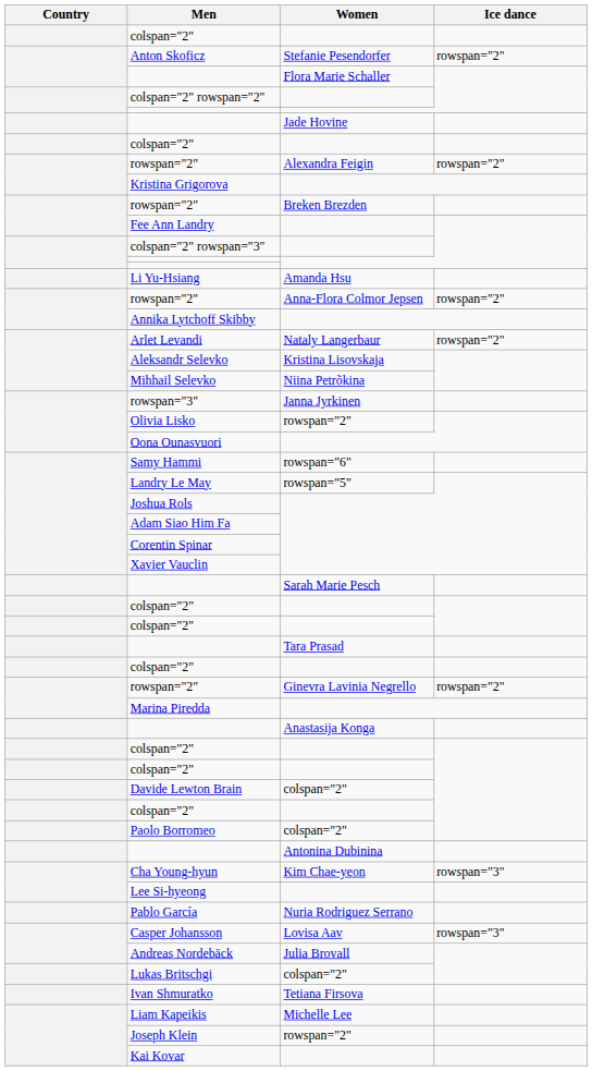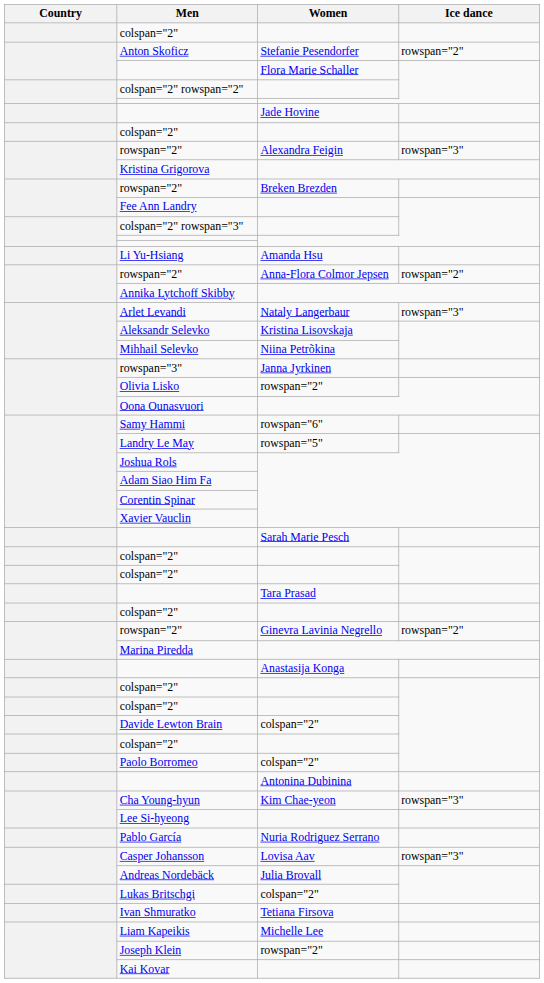 <table class="wikitable unsortable" style="text-align:left">
 <tr>
 <th scope="col" style="width:20%">Country</th>
 <th scope="col" style="width:25%">Men</th>
 <th scope="col" style="width:25%">Women</th>
 <th scope="col" style="width:25%">Ice dance</th>
 </tr>
 <tr>
 <th scope="row" style="text-align:left"></th>
 <td>colspan="2" </td>
 <td></td>
 </tr>
 <tr>
 <th rowspan="2" scope="row" style="text-align:left"></th>
 <td><a href='#'>Anton Skoficz</a></td>
 <td><a href='#'>Stefanie Pesendorfer</a></td>
 <td>rowspan="2" </td>
 </tr>
 <tr>
 <td></td>
 <td><a href='#'>Flora Marie Schaller</a></td>
 </tr>
 <tr>
 <th rowspan="2" scope="row" style="text-align:left"></th>
 <td>colspan="2" rowspan="2" </td>
 <td></td>
 </tr>
 <tr>
 <td></td>
 </tr>
 <tr>
 <th scope="row" style="text-align:left"></th>
 <td></td>
 <td><a href='#'>Jade Hovine</a></td>
 <td></td>
 </tr>
 <tr>
 <th scope="row" style="text-align:left"></th>
 <td>colspan="2" </td>
 <td></td>
 </tr>
 <tr>
 <th rowspan="2" scope="row" style="text-align:left"></th>
 <td>rowspan="2" </td>
 <td><a href='#'>Alexandra Feigin</a></td>
-<td>rowspan="2" </td>
+<td>rowspan="3" </td>
 </tr>
 <tr>
 <td><a href='#'>Kristina Grigorova</a></td>
 </tr>
 <tr>
 <th rowspan="2" scope="row" style="text-align:left"></th>
 <td>rowspan="2" </td>
 <td><a href='#'>Breken Brezden</a></td>
 <td></td>
 </tr>
 <tr>
 <td><a href='#'>Fee Ann Landry</a></td>
 <td></td>
 </tr>
 <tr>
 <th rowspan="3" scope="row" style="text-align:left"></th>
 <td>colspan="2" rowspan="3" </td>
 <td></td>
 </tr>
 <tr>
 <td></td>
 </tr>
 <tr>
 <td></td>
 </tr>
 <tr>
 <th scope="row" style="text-align:left"></th>
 <td><a href='#'>Li Yu-Hsiang</a></td>
 <td><a href='#'>Amanda Hsu</a></td>
 <td></td>
 </tr>
 <tr>
 <th rowspan="2" scope="row" style="text-align:left"></th>
 <td>rowspan="2" </td>
 <td><a href='#'>Anna-Flora Colmor Jepsen</a></td>
 <td>rowspan="2" </td>
 </tr>
 <tr>
 <td><a href='#'>Annika Lytchoff Skibby</a></td>
 </tr>
 <tr>
 <th rowspan="3" scope="row" style="text-align:left"></th>
 <td><a href='#'>Arlet Levandi</a></td>
 <td><a href='#'>Nataly Langerbaur</a></td>
-<td>rowspan="2" </td>
+<td>rowspan="3" </td>
 </tr>
 <tr>
 <td><a href='#'>Aleksandr Selevko</a></td>
 <td><a href='#'>Kristina Lisovskaja</a></td>
 </tr>
 <tr>
 <td><a href='#'>Mihhail Selevko</a></td>
 <td><a href='#'>Niina Petrõkina</a></td>
 </tr>
 <tr>
 <th rowspan="3" scope="row" style="text-align:left"></th>
 <td>rowspan="3"  </td>
 <td><a href='#'>Janna Jyrkinen</a></td>
 <td></td>
 </tr>
 <tr>
 <td><a href='#'>Olivia Lisko</a></td>
 <td>rowspan="2" </td>
 </tr>
 <tr>
 <td><a href='#'>Oona Ounasvuori</a></td>
 </tr>
 <tr>
 <th rowspan="6" scope="row" style="text-align:left"></th>
 <td><a href='#'>Samy Hammi</a></td>
 <td>rowspan="6" </td>
 <td></td>
 </tr>
 <tr>
 <td><a href='#'>Landry Le May</a></td>
 <td>rowspan="5" </td>
 </tr>
 <tr>
 <td><a href='#'>Joshua Rols</a></td>
 </tr>
 <tr>
 <td><a href='#'>Adam Siao Him Fa</a></td>
 </tr>
 <tr>
 <td><a href='#'>Corentin Spinar</a></td>
 </tr>
 <tr>
 <td><a href='#'>Xavier Vauclin</a></td>
 </tr>
 <tr>
 <th scope="row" style="text-align:left"></th>
 <td></td>
 <td><a href='#'>Sarah Marie Pesch</a></td>
 <td></td>
 </tr>
 <tr>
 <th scope="row" style="text-align:left"></th>
 <td>colspan="2" </td>
 <td></td>
 </tr>
 <tr>
 <th scope="row" style="text-align:left"></th>
 <td>colspan="2" </td>
 <td></td>
 </tr>
 <tr>
 <th scope="row" style="text-align:left"></th>
 <td></td>
 <td><a href='#'>Tara Prasad</a></td>
 <td></td>
 </tr>
 <tr>
 <th scope="row" style="text-align:left"></th>
 <td>colspan="2" </td>
 <td></td>
 </tr>
 <tr>
 <th rowspan="2" scope="row" style="text-align:left"></th>
 <td>rowspan="2" </td>
 <td><a href='#'>Ginevra Lavinia Negrello</a></td>
 <td>rowspan="2" </td>
 </tr>
 <tr>
 <td><a href='#'>Marina Piredda</a></td>
 </tr>
 <tr>
 <th scope="row" style="text-align:left"></th>
 <td></td>
 <td><a href='#'>Anastasija Konga</a></td>
 <td></td>
 </tr>
 <tr>
 <th scope="row" style="text-align:left"></th>
 <td>colspan="2" </td>
 <td></td>
 </tr>
 <tr>
 <th scope="row" style="text-align:left"></th>
 <td>colspan="2" </td>
 <td></td>
 </tr>
 <tr>
 <th scope="row" style="text-align:left"></th>
 <td><a href='#'>Davide Lewton Brain</a></td>
 <td>colspan="2" </td>
 </tr>
 <tr>
 <th scope="row" style="text-align:left"></th>
 <td>colspan="2" </td>
 <td></td>
 </tr>
 <tr>
 <th scope="row" style="text-align:left"></th>
 <td><a href='#'>Paolo Borromeo</a></td>
 <td>colspan="2" </td>
 </tr>
 <tr>
 <th scope="row" style="text-align:left"></th>
 <td></td>
 <td><a href='#'>Antonina Dubinina</a></td>
 <td></td>
 </tr>
 <tr>
 <th rowspan="2" scope="row" style="text-align:left"></th>
 <td><a href='#'>Cha Young-hyun</a></td>
 <td><a href='#'>Kim Chae-yeon</a></td>
 <td>rowspan="3" </td>
 </tr>
 <tr>
 <td><a href='#'>Lee Si-hyeong</a></td>
 <td></td>
 </tr>
 <tr>
 <th scope="row" style="text-align:left"></th>
 <td><a href='#'>Pablo García</a></td>
 <td><a href='#'>Nuria Rodriguez Serrano</a></td>
 <td></td>
 </tr>
 <tr>
 <th rowspan="2" scope="row" style="text-align:left"></th>
 <td><a href='#'>Casper Johansson</a></td>
 <td><a href='#'>Lovisa Aav</a></td>
 <td>rowspan="3" </td>
 </tr>
 <tr>
 <td><a href='#'>Andreas Nordebäck</a></td>
 <td><a href='#'>Julia Brovall</a></td>
 </tr>
 <tr>
 <th scope="row" style="text-align:left"></th>
 <td><a href='#'>Lukas Britschgi</a></td>
 <td>colspan="2" </td>
 </tr>
 <tr>
 <th scope="row" style="text-align:left"></th>
 <td><a href='#'>Ivan Shmuratko</a></td>
 <td><a href='#'>Tetiana Firsova</a></td>
 <td></td>
 </tr>
 <tr>
 <th rowspan="3" scope="row" style="text-align:left"></th>
 <td><a href='#'>Liam Kapeikis</a></td>
 <td><a href='#'>Michelle Lee</a></td>
 <td></td>
 </tr>
 <tr>
 <td><a href='#'>Joseph Klein</a></td>
 <td>rowspan="2" </td>
 <td></td>
 </tr>
 <tr>
 <td><a href='#'>Kai Kovar</a></td>
 <td></td>
 </tr>
 </table>
